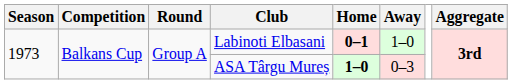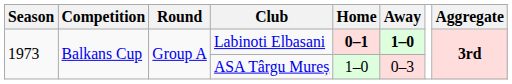 <table class="wikitable">
 <tr>
 <th>Season</th>
 <th>Competition</th>
 <th>Round</th>
 <th>Club</th>
 <th>Home</th>
 <th>Away</th>
 <th style="background:white" rowspan=3></th>
 <th>Aggregate</th>
 </tr>
 <tr>
 <td rowspan=2>1973</td>
 <td rowspan=2><a href='#'>Balkans Cup</a></td>
 <td rowspan=2><a href='#'>Group A</a></td>
 <td> <a href='#'>Labinoti Elbasani</a></td>
 <td bgcolor="#ffdddd" style="text-align:center;"><strong>0–1</strong></td>
-<td bgcolor="#ddffdd" style="text-align:center;">1–0</td>
+<td bgcolor="#ddffdd" style="text-align:center;"><strong>1–0</strong></td>
 <td bgcolor="#ffdddd" style="text-align:center;" rowspan=2><strong>3rd</strong></td>
 </tr>
 <tr>
 <td> <a href='#'>ASA Târgu Mureș</a></td>
-<td bgcolor="#ddffdd" style="text-align:center;"><strong>1–0</strong></td>
+<td bgcolor="#ddffdd" style="text-align:center;">1–0</td>
 <td bgcolor="#ffdddd" style="text-align:center;">0–3</td>
 </tr>
 </table>
